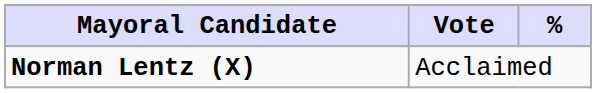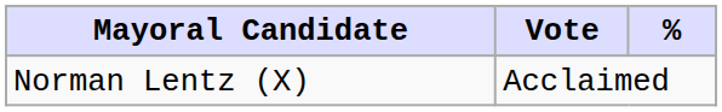 <table class="wikitable">
 <tr>
 <th style="background:#ddf; width:200px;">Mayoral Candidate </th>
 <th style="background:#ddf; width:50px;">Vote</th>
 <th style="background:#ddf; width:30px;">%</th>
 </tr>
 <tr>
-<td><strong>Norman Lentz (X)</strong></td>
+<td>Norman Lentz (X)</td>
 <td colspan="2">Acclaimed</td>
 </tr>
 </table>
